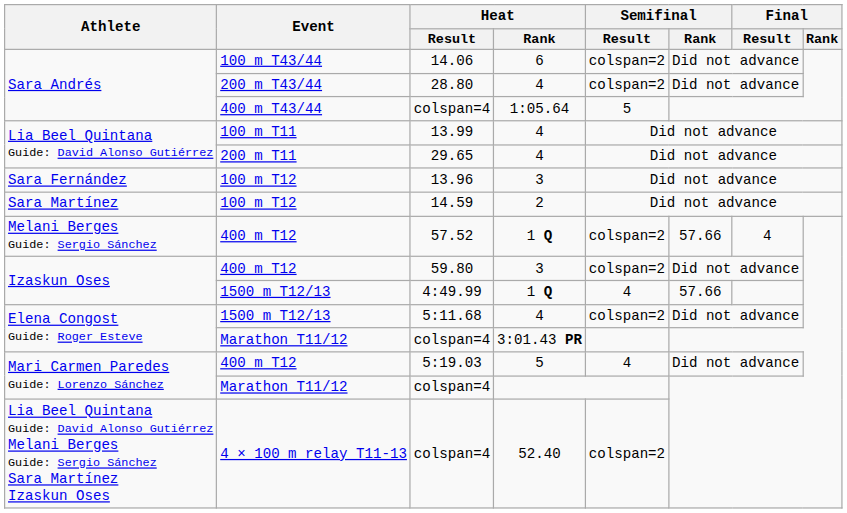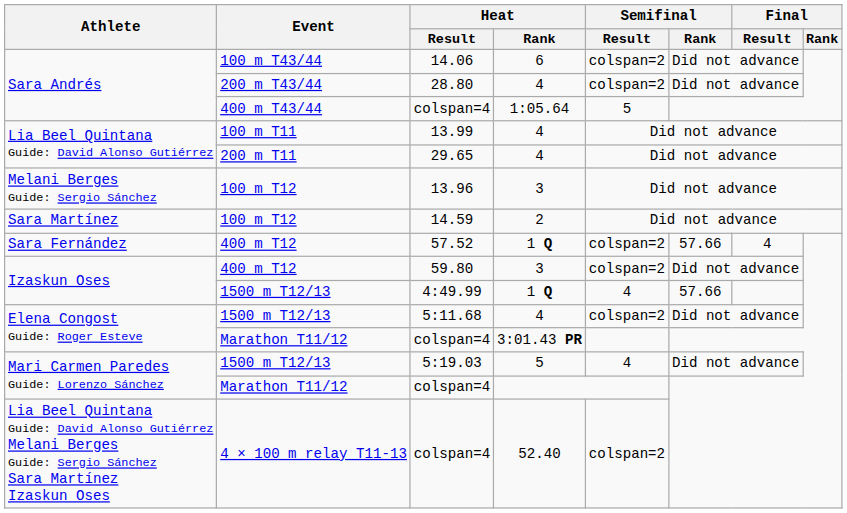 <table class="wikitable" style="font-size:90%">
 <tr>
 <th rowspan="2">Athlete</th>
 <th rowspan="2">Event</th>
 <th colspan="2">Heat</th>
 <th colspan="2">Semifinal</th>
 <th colspan="2">Final</th>
 </tr>
 <tr style="font-size:95%">
 <th>Result</th>
 <th>Rank</th>
 <th>Result</th>
 <th>Rank</th>
 <th>Result</th>
 <th>Rank</th>
 </tr>
 <tr align=center>
 <td align=left rowspan=3><a href='#'>Sara Andrés</a></td>
 <td align=left><a href='#'>100 m T43/44</a></td>
 <td>14.06</td>
 <td>6</td>
 <td>colspan=2 </td>
 <td colspan=2>Did not advance</td>
 </tr>
 <tr align=center>
 <td align=left><a href='#'>200 m T43/44</a></td>
 <td>28.80</td>
 <td>4</td>
 <td>colspan=2 </td>
 <td colspan=2>Did not advance</td>
 </tr>
 <tr align=center>
 <td align=left><a href='#'>400 m T43/44</a></td>
 <td>colspan=4 </td>
 <td>1:05.64</td>
 <td>5</td>
 </tr>
 <tr align=center>
 <td align=left rowspan=2><a href='#'>Lia Beel Quintana</a><br><small>Guide: <a href='#'>David Alonso Gutiérrez</a></small></td>
 <td align=left><a href='#'>100 m T11</a></td>
 <td>13.99</td>
 <td>4</td>
 <td colspan=4>Did not advance</td>
 </tr>
 <tr align=center>
 <td align=left><a href='#'>200 m T11</a></td>
 <td>29.65</td>
 <td>4</td>
 <td colspan=4>Did not advance</td>
 </tr>
 <tr align=center>
-<td align=left><a href='#'>Sara Fernández</a></td>
+<td align=left><a href='#'>Melani Berges</a><br><small>Guide: <a href='#'>Sergio Sánchez</a></small></td>
 <td align=left><a href='#'>100 m T12</a></td>
 <td>13.96</td>
 <td>3</td>
 <td colspan=4>Did not advance</td>
 </tr>
 <tr align=center>
 <td align=left><a href='#'>Sara Martínez</a></td>
 <td align=left><a href='#'>100 m T12</a></td>
 <td>14.59</td>
 <td>2</td>
 <td colspan=4>Did not advance</td>
 </tr>
 <tr align=center>
-<td align=left><a href='#'>Melani Berges</a><br><small>Guide: <a href='#'>Sergio Sánchez</a></small></td>
+<td align=left><a href='#'>Sara Fernández</a></td>
 <td align=left><a href='#'>400 m T12</a></td>
 <td>57.52</td>
 <td>1 <strong>Q</strong></td>
 <td>colspan=2 </td>
 <td>57.66</td>
 <td>4</td>
 </tr>
 <tr align=center>
 <td align=left rowspan=2><a href='#'>Izaskun Oses</a></td>
 <td align=left><a href='#'>400 m T12</a></td>
 <td>59.80</td>
 <td>3</td>
 <td>colspan=2 </td>
 <td colspan=2>Did not advance</td>
 </tr>
 <tr align=center>
 <td align=left><a href='#'>1500 m T12/13</a></td>
 <td>4:49.99</td>
 <td>1 <strong>Q</strong></td>
 <td>4</td>
 <td>57.66</td>
 <td></td>
 </tr>
 <tr align=center>
 <td align=left rowspan=2><a href='#'>Elena Congost</a><br><small>Guide: <a href='#'>Roger Esteve</a></small></td>
 <td align=left><a href='#'>1500 m T12/13</a></td>
 <td>5:11.68</td>
 <td>4</td>
 <td>colspan=2 </td>
 <td colspan=2>Did not advance</td>
 </tr>
 <tr align=center>
 <td align=left><a href='#'>Marathon T11/12</a></td>
 <td>colspan=4 </td>
 <td>3:01.43 <strong>PR</strong></td>
 <td></td>
 </tr>
 <tr align=center>
 <td align=left rowspan=2><a href='#'>Mari Carmen Paredes</a><br><small>Guide: <a href='#'>Lorenzo Sánchez</a><br></small></td>
-<td align=left><a href='#'>400 m T12</a></td>
+<td align=left><a href='#'>1500 m T12/13</a></td>
 <td>5:19.03</td>
 <td>5</td>
 <td>4</td>
 <td colspan=2>Did not advance</td>
 </tr>
 <tr align=center>
 <td align=left><a href='#'>Marathon T11/12</a></td>
 <td>colspan=4 </td>
 <td colspan=2></td>
 </tr>
 <tr align=center>
 <td align=left><a href='#'>Lia Beel Quintana</a><br><small>Guide: <a href='#'>David Alonso Gutiérrez</a></small><br><a href='#'>Melani Berges</a><br><small>Guide: <a href='#'>Sergio Sánchez</a></small><br><a href='#'>Sara Martínez</a><br><a href='#'>Izaskun Oses</a></td>
 <td align=left><a href='#'>4 × 100 m relay T11-13</a></td>
 <td>colspan=4 </td>
 <td>52.40</td>
 <td>colspan=2 </td>
 </tr>
 </table>
